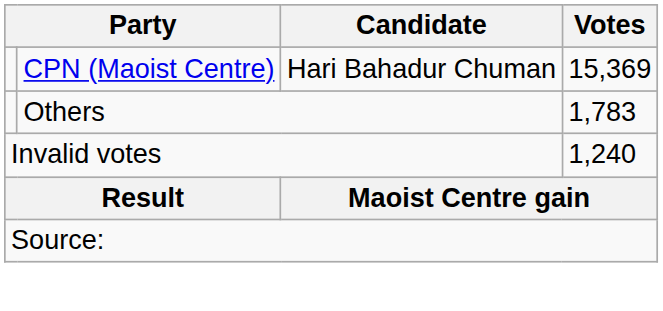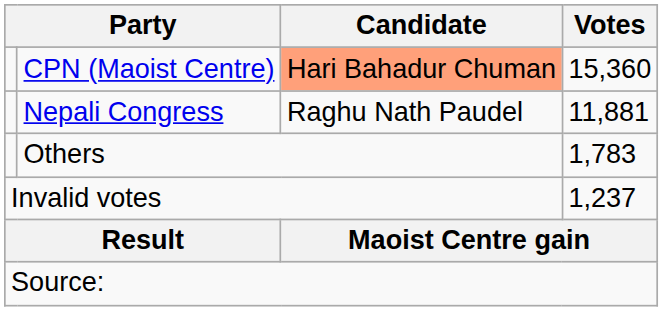 <table class="wikitable">
 <tr>
 <th colspan="2">Party</th>
 <th>Candidate</th>
 <th>Votes</th>
 </tr>
 <tr>
 <td style="background-color:"></td>
 <td><a href='#'>CPN (Maoist Centre)</a></td>
-<td>Hari Bahadur Chuman</td>
-<td>15,369</td>
+<td style="background: lightsalmon;">Hari Bahadur Chuman</td>
+<td>15,360</td>
+</tr>
+<tr>
+<td style="background-color:"></td>
+<td><a href='#'>Nepali Congress</a></td>
+<td>Raghu Nath Paudel</td>
+<td>11,881</td>
 </tr>
 <tr>
 <td></td>
 <td colspan="2">Others</td>
 <td>1,783</td>
 </tr>
 <tr>
 <td colspan="3">Invalid votes</td>
-<td>1,240</td>
+<td>1,237</td>
 </tr>
 <tr>
 <th colspan="2">Result</th>
 <th colspan="2">Maoist Centre gain</th>
 </tr>
 <tr>
 <td colspan="4">Source: </td>
 </tr>
 </table>
